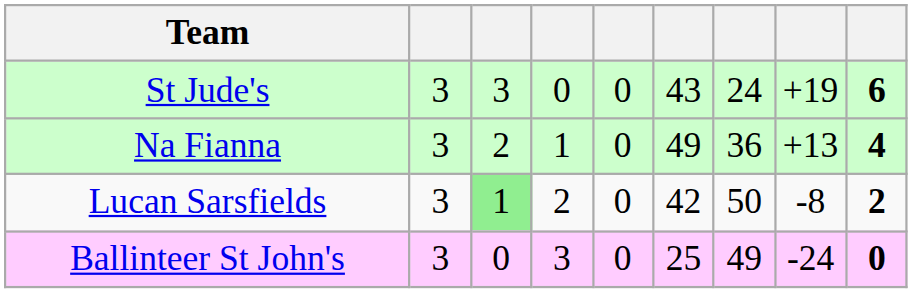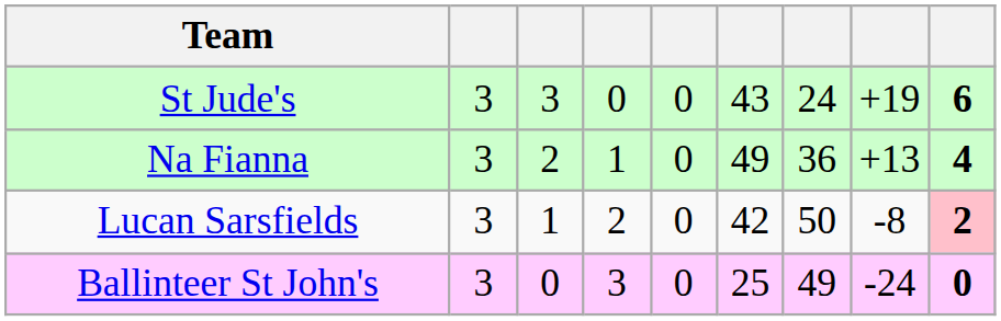 <table class="wikitable" style="text-align:center">
 <tr>
 <th style="width:175px;">Team</th>
 <th width="20"></th>
 <th width="20"></th>
 <th width="20"></th>
 <th width="20"></th>
 <th width="20"></th>
 <th width="20"></th>
 <th width="20"></th>
 <th width="20"></th>
 </tr>
 <tr style="background:#cfc;">
 <td><a href='#'>St Jude's</a></td>
 <td>3</td>
 <td>3</td>
 <td>0</td>
 <td>0</td>
 <td>43</td>
 <td>24</td>
 <td>+19</td>
 <td><strong>6</strong></td>
 </tr>
 <tr style="background:#cfc;">
 <td><a href='#'>Na Fianna</a></td>
 <td>3</td>
 <td>2</td>
 <td>1</td>
 <td>0</td>
 <td>49</td>
 <td>36</td>
 <td>+13</td>
 <td><strong>4</strong></td>
 </tr>
 <tr>
 <td><a href='#'>Lucan Sarsfields</a></td>
 <td>3</td>
-<td style="background: lightgreen;">1</td>
+<td>1</td>
 <td>2</td>
 <td>0</td>
 <td>42</td>
 <td>50</td>
 <td>-8</td>
-<td><strong>2</strong></td>
+<td style="background: pink;"><strong>2</strong></td>
 </tr>
 <tr style="background:#fcf;">
 <td><a href='#'>Ballinteer St John's</a></td>
 <td>3</td>
 <td>0</td>
 <td>3</td>
 <td>0</td>
 <td>25</td>
 <td>49</td>
 <td>-24</td>
 <td><strong>0</strong></td>
 </tr>
 </table>
